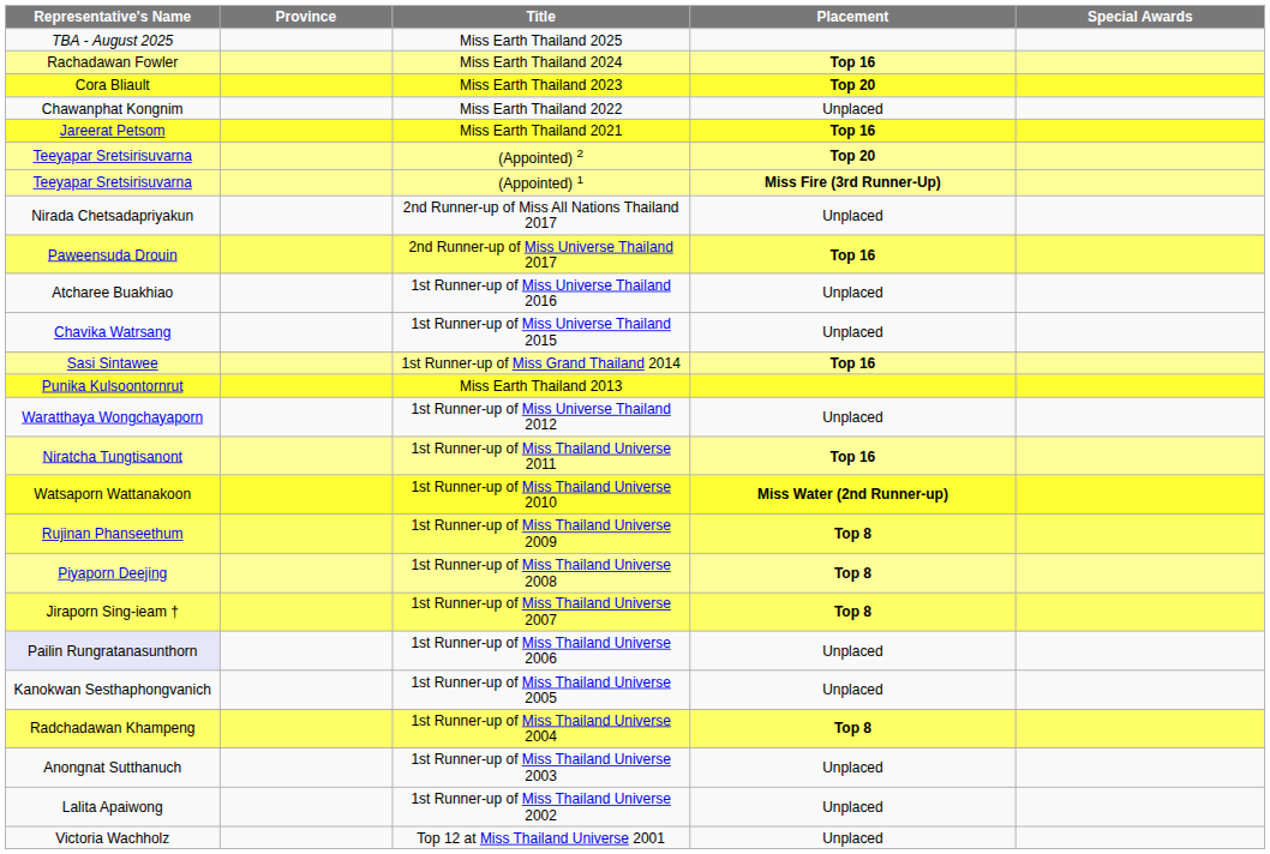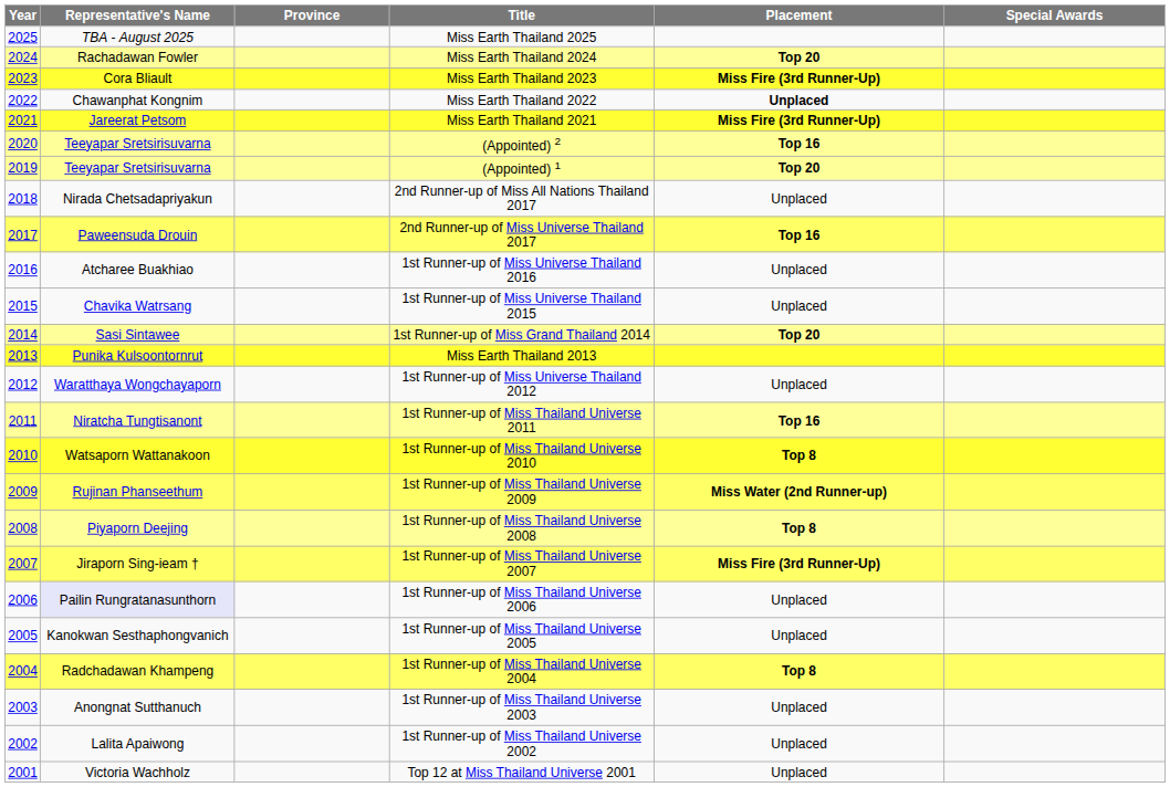 <table class="wikitable" style="font-size: 89%; text-align:center">
 <tr>
+<th width="30" style="background-color:#787878;color:#FFFFFF;">Year</th>
 <th width="210" style="background-color:#787878;color:#FFFFFF;">Representative's Name</th>
 <th width="170" style="background-color:#787878;color:#FFFFFF;">Province</th>
 <th width="300" style="background-color:#787878;color:#FFFFFF;">Title</th>
 <th width="330" style="background-color:#787878;color:#FFFFFF;">Placement</th>
 <th width="250" style="background-color:#787878;color:#FFFFFF;">Special Awards</th>
 </tr>
 <tr>
+<td><a href='#'>2025</a></td>
 <td><em>TBA</em> - <em>August 2025</em></td>
 <td></td>
 <td>Miss Earth Thailand 2025</td>
 <td></td>
 <td></td>
 </tr>
 <tr style="background-color:#FFFF99; : bold">
+<td><a href='#'>2024</a></td>
 <td>Rachadawan Fowler</td>
 <td align=left></td>
 <td>Miss Earth Thailand 2024</td>
-<td align="center"><strong>Top 16</strong></td>
+<td><strong>Top 20</strong></td>
 <td style="background:;"></td>
 </tr>
 <tr style="background-color:#FFFF33; : bold">
+<td><a href='#'>2023</a></td>
 <td>Cora Bliault</td>
 <td align=left></td>
 <td>Miss Earth Thailand 2023</td>
-<td align="center"><strong>Top 20</strong></td>
+<td align="center"><strong>Miss Fire (3rd Runner-Up)</strong></td>
 <td></td>
 </tr>
 <tr>
+<td><a href='#'>2022</a></td>
 <td>Chawanphat Kongnim</td>
 <td align=left></td>
 <td>Miss Earth Thailand 2022</td>
-<td align="center">Unplaced</td>
+<td align="center"><strong>Unplaced</strong></td>
 <td style="background:;"></td>
 </tr>
 <tr style="background-color:#FFFF33; : bold">
+<td><a href='#'>2021</a></td>
 <td><a href='#'>Jareerat Petsom</a></td>
 <td align=left></td>
 <td>Miss Earth Thailand 2021</td>
+<td align="center"><strong>Miss Fire (3rd Runner-Up)</strong></td>
+<td style="background:;"></td>
+</tr>
+<tr style="background-color:#FFFF99; : bold">
+<td><a href='#'>2020</a></td>
+<td><a href='#'>Teeyapar Sretsirisuvarna</a></td>
+<td align=left></td>
+<td>(Appointed) <sup>2</sup></td>
 <td align="center"><strong>Top 16</strong></td>
 <td style="background:;"></td>
 </tr>
 <tr style="background-color:#FFFF99; : bold">
+<td><a href='#'>2019</a></td>
 <td><a href='#'>Teeyapar Sretsirisuvarna</a></td>
 <td align=left></td>
-<td>(Appointed) <sup>2</sup></td>
+<td>(Appointed) <sup>1</sup></td>
 <td align="center"><strong>Top 20</strong></td>
 <td style="background:;"></td>
 </tr>
-<tr style="background-color:#FFFF99; : bold">
-<td><a href='#'>Teeyapar Sretsirisuvarna</a></td>
-<td align=left></td>
-<td>(Appointed) <sup>1</sup></td>
-<td align="center"><strong>Miss Fire (3rd Runner-Up)</strong></td>
-<td style="background:;"></td>
-</tr>
 <tr>
+<td><a href='#'>2018</a></td>
 <td>Nirada Chetsadapriyakun</td>
 <td align=left></td>
 <td>2nd Runner-up of Miss All Nations Thailand 2017</td>
 <td align="center">Unplaced</td>
 <td style="background:;"></td>
 </tr>
 <tr style="background-color:#FFFF66; : bold">
+<td><a href='#'>2017</a></td>
 <td><a href='#'>Paweensuda Drouin</a></td>
 <td align=left></td>
 <td>2nd Runner-up of <a href='#'>Miss Universe Thailand</a> 2017</td>
 <td align="center"><strong>Top 16</strong></td>
 <td style="background:;"></td>
 </tr>
 <tr>
+<td><a href='#'>2016</a></td>
 <td>Atcharee Buakhiao</td>
 <td align=left></td>
 <td>1st Runner-up of <a href='#'>Miss Universe Thailand</a> 2016</td>
 <td align="center">Unplaced</td>
 <td style="background:;"></td>
 </tr>
 <tr>
+<td><a href='#'>2015</a></td>
 <td><a href='#'>Chavika Watrsang</a></td>
 <td align=left></td>
 <td>1st Runner-up of <a href='#'>Miss Universe Thailand</a> 2015</td>
 <td align="center">Unplaced</td>
 <td style="background:;"></td>
 </tr>
 <tr style="background-color:#FFFF99; : bold">
+<td><a href='#'>2014</a></td>
 <td><a href='#'>Sasi Sintawee</a></td>
 <td align=left></td>
 <td>1st Runner-up of <a href='#'>Miss Grand Thailand</a> 2014</td>
-<td align="center"><strong>Top 16</strong></td>
+<td><strong>Top 20</strong></td>
 <td style="background:;"></td>
 </tr>
 <tr style="background-color:#FFFF33; : bold">
+<td><a href='#'>2013</a></td>
 <td><a href='#'>Punika Kulsoontornrut</a></td>
 <td align=left></td>
 <td>Miss Earth Thailand 2013</td>
 <td style="background:;"></td>
 <td style="background:;"></td>
 </tr>
 <tr>
+<td><a href='#'>2012</a></td>
 <td><a href='#'>Waratthaya Wongchayaporn</a></td>
 <td align=left></td>
 <td>1st Runner-up of <a href='#'>Miss Universe Thailand</a> 2012</td>
 <td align="center">Unplaced</td>
 <td style="background:;"></td>
 </tr>
 <tr style="background-color:#FFFF99; : bold">
+<td><a href='#'>2011</a></td>
 <td><a href='#'>Niratcha Tungtisanont</a></td>
 <td align=left></td>
 <td>1st Runner-up of <a href='#'>Miss Thailand Universe</a> 2011</td>
 <td align="center"><strong>Top 16</strong></td>
 <td style="background:;"></td>
 </tr>
 <tr style="background-color:#FFFF33; : bold">
+<td><a href='#'>2010</a></td>
 <td>Watsaporn Wattanakoon</td>
 <td align=left></td>
 <td>1st Runner-up of <a href='#'>Miss Thailand Universe</a> 2010</td>
+<td align="center"><strong>Top 8</strong></td>
+<td style="background:;"></td>
+</tr>
+<tr style="background-color:#FFFF66; : bold">
+<td><a href='#'>2009</a></td>
+<td><a href='#'>Rujinan Phanseethum</a></td>
+<td align=left></td>
+<td>1st Runner-up of <a href='#'>Miss Thailand Universe</a> 2009</td>
 <td align="center"><strong>Miss Water (2nd Runner-up)</strong></td>
 <td style="background:;"></td>
 </tr>
-<tr style="background-color:#FFFF66; : bold">
-<td><a href='#'>Rujinan Phanseethum</a></td>
-<td align=left></td>
-<td>1st Runner-up of <a href='#'>Miss Thailand Universe</a> 2009</td>
-<td align="center"><strong>Top 8</strong></td>
-<td style="background:;"></td>
-</tr>
 <tr style="background-color:#FFFF99; : bold">
+<td><a href='#'>2008</a></td>
 <td><a href='#'>Piyaporn Deejing</a></td>
 <td align=left></td>
 <td>1st Runner-up of <a href='#'>Miss Thailand Universe</a> 2008</td>
 <td align="center"><strong>Top 8</strong></td>
 <td></td>
 </tr>
 <tr style="background-color:#FFFF66; : bold">
+<td><a href='#'>2007</a></td>
 <td>Jiraporn Sing-ieam †</td>
 <td align=left></td>
 <td>1st Runner-up of <a href='#'>Miss Thailand Universe</a> 2007</td>
-<td align="center"><strong>Top 8</strong></td>
+<td align="center"><strong>Miss Fire (3rd Runner-Up)</strong></td>
 <td style="background:;"></td>
 </tr>
 <tr>
+<td><a href='#'>2006</a></td>
 <td style="background: lavender;">Pailin Rungratanasunthorn</td>
 <td align=left></td>
 <td>1st Runner-up of <a href='#'>Miss Thailand Universe</a> 2006</td>
 <td align="center">Unplaced</td>
 <td style="background:;"></td>
 </tr>
 <tr>
+<td><a href='#'>2005</a></td>
 <td>Kanokwan Sesthaphongvanich</td>
 <td align=left></td>
 <td>1st Runner-up of <a href='#'>Miss Thailand Universe</a> 2005</td>
 <td align="center">Unplaced</td>
 <td></td>
 </tr>
 <tr style="background-color:#FFFF66; : bold">
+<td><a href='#'>2004</a></td>
 <td>Radchadawan Khampeng</td>
 <td align=left></td>
 <td>1st Runner-up of <a href='#'>Miss Thailand Universe</a> 2004</td>
 <td align="center"><strong>Top 8</strong></td>
 <td></td>
 </tr>
 <tr>
+<td><a href='#'>2003</a></td>
 <td>Anongnat Sutthanuch</td>
 <td align=left></td>
 <td>1st Runner-up of <a href='#'>Miss Thailand Universe</a> 2003</td>
 <td align="center">Unplaced</td>
 <td></td>
 </tr>
 <tr>
+<td><a href='#'>2002</a></td>
 <td>Lalita Apaiwong</td>
 <td align=left></td>
 <td>1st Runner-up of <a href='#'>Miss Thailand Universe</a> 2002</td>
 <td align="center">Unplaced</td>
 <td></td>
 </tr>
 <tr>
+<td><a href='#'>2001</a></td>
 <td>Victoria Wachholz</td>
 <td align=left></td>
 <td>Top 12 at <a href='#'>Miss Thailand Universe</a> 2001</td>
 <td align="center">Unplaced</td>
 <td></td>
 </tr>
 </table>
